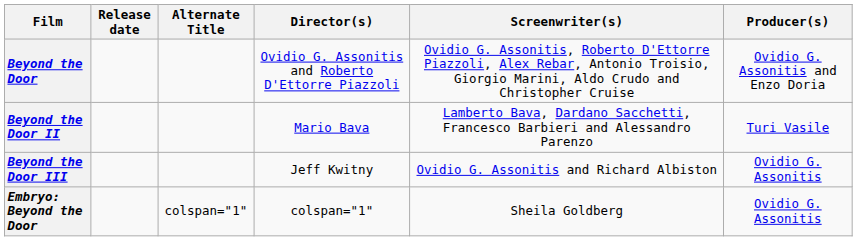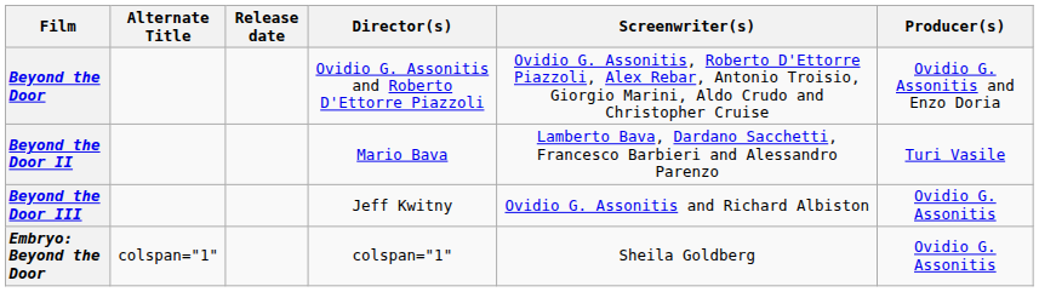 <table class="wikitable plainrowheaders" style="text-align:center" width=100%>
 <tr>
 <th scope="col">Film</th>
+<th scope="col">Alternate Title</th>
 <th scope="col">Release date</th>
-<th scope="col">Alternate Title</th>
 <th scope="col">Director(s)</th>
 <th scope="col">Screenwriter(s)</th>
 <th scope="col">Producer(s)</th>
 </tr>
 <tr>
 <th scope="row" style="text-align:left"><em><a href='#'>Beyond the Door</a></em></th>
+<td></td>
 <td style="text-align:left"></td>
-<td></td>
 <td><a href='#'>Ovidio G. Assonitis</a> and <a href='#'>Roberto D'Ettorre Piazzoli</a></td>
 <td><a href='#'>Ovidio G. Assonitis</a>, <a href='#'>Roberto D'Ettorre Piazzoli</a>, <a href='#'>Alex Rebar</a>, Antonio Troisio, Giorgio Marini, Aldo Crudo and Christopher Cruise</td>
 <td><a href='#'>Ovidio G. Assonitis</a> and Enzo Doria</td>
 </tr>
 <tr>
 <th scope="row" style="text-align:left"><em><a href='#'>Beyond the Door II</a></em></th>
+<td></td>
 <td style="text-align:left"></td>
-<td></td>
 <td><a href='#'>Mario Bava</a></td>
 <td><a href='#'>Lamberto Bava</a>, <a href='#'>Dardano Sacchetti</a>, Francesco Barbieri and Alessandro Parenzo</td>
 <td><a href='#'>Turi Vasile</a></td>
 </tr>
 <tr>
 <th scope="row" style="text-align:left"><em><a href='#'>Beyond the Door III</a></em></th>
+<td></td>
 <td style="text-align:left"></td>
-<td></td>
 <td>Jeff Kwitny</td>
 <td><a href='#'>Ovidio G. Assonitis</a> and Richard Albiston</td>
 <td><a href='#'>Ovidio G. Assonitis</a></td>
 </tr>
 <tr>
 <th scope="row" style="text-align:left"><em>Embryo: Beyond the Door</em></th>
+<td>colspan="1" </td>
 <td style="text-align:left"></td>
-<td>colspan="1" </td>
 <td>colspan="1" </td>
 <td>Sheila Goldberg</td>
 <td><a href='#'>Ovidio G. Assonitis</a></td>
 </tr>
 </table>
